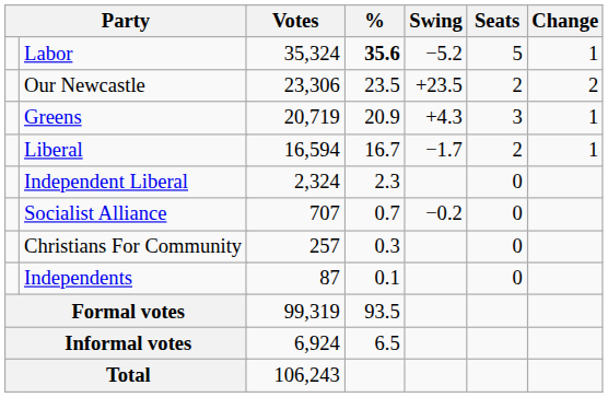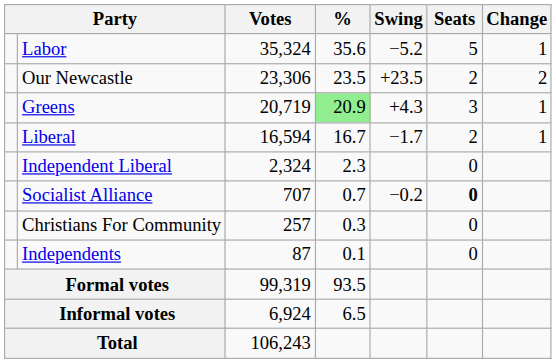 <table class="wikitable" style="text-align:right; margin-bottom:0">
 <tr>
 <th style="width:10px" colspan=3>Party</th>
 <th style="width:70px;">Votes</th>
 <th style="width:40px;">%</th>
 <th style="width:40px;">Swing</th>
 <th style="width:40px;">Seats</th>
 <th style="width:40px;">Change</th>
 </tr>
 <tr>
 <td> </td>
 <td style="text-align:left;" colspan="2"><a href='#'>Labor</a></td>
 <td>35,324</td>
-<td><strong>35.6</strong></td>
+<td>35.6</td>
 <td>−5.2</td>
 <td>5</td>
 <td> 1</td>
 </tr>
 <tr>
 <td> </td>
 <td style="text-align:left;" colspan="2">Our Newcastle</td>
 <td>23,306</td>
 <td>23.5</td>
 <td>+23.5</td>
 <td>2</td>
 <td> 2</td>
 </tr>
 <tr>
 <td> </td>
 <td style="text-align:left;" colspan="2"><a href='#'>Greens</a></td>
 <td>20,719</td>
-<td>20.9</td>
+<td style="background: lightgreen;">20.9</td>
 <td>+4.3</td>
 <td>3</td>
 <td> 1</td>
 </tr>
 <tr>
 <td> </td>
 <td style="text-align:left;" colspan="2"><a href='#'>Liberal</a></td>
 <td>16,594</td>
 <td>16.7</td>
 <td>−1.7</td>
 <td>2</td>
 <td> 1</td>
 </tr>
 <tr>
 <td> </td>
 <td style="text-align:left;" colspan="2"><a href='#'>Independent Liberal</a></td>
 <td>2,324</td>
 <td>2.3</td>
 <td></td>
 <td>0</td>
 <td></td>
 </tr>
 <tr>
 <td> </td>
 <td style="text-align:left;" colspan="2"><a href='#'>Socialist Alliance</a></td>
 <td>707</td>
 <td>0.7</td>
 <td>−0.2</td>
-<td>0</td>
+<td><strong>0</strong></td>
 <td></td>
 </tr>
 <tr>
 <td> </td>
 <td style="text-align:left;" colspan="2">Christians For Community</td>
 <td>257</td>
 <td>0.3</td>
 <td></td>
 <td>0</td>
 <td></td>
 </tr>
 <tr>
 <td> </td>
 <td style="text-align:left;" colspan="2"><a href='#'>Independents</a></td>
 <td>87</td>
 <td>0.1</td>
 <td></td>
 <td>0</td>
 <td></td>
 </tr>
 <tr>
 <th colspan="3" rowspan="1"> Formal votes</th>
 <td>99,319</td>
 <td>93.5</td>
 <td></td>
 <td></td>
 <td></td>
 </tr>
 <tr>
 <th colspan="3" rowspan="1"> Informal votes</th>
 <td>6,924</td>
 <td>6.5</td>
 <td></td>
 <td></td>
 <td></td>
 </tr>
 <tr>
 <th colspan="3" rowspan="1"> <strong>Total </strong></th>
 <td>106,243</td>
 <td></td>
 <td></td>
 <td></td>
 <td></td>
 </tr>
 </table>
